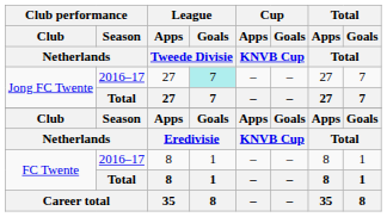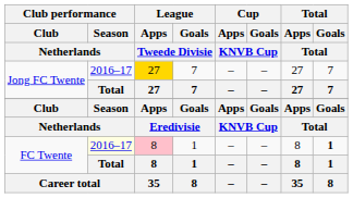 <table class="wikitable" style="text-align:center">
 <tr>
 <th colspan=2>Club performance</th>
 <th colspan=2>League</th>
 <th colspan=2>Cup</th>
 <th colspan=2>Total</th>
 </tr>
 <tr>
 <th>Club</th>
 <th>Season</th>
 <th>Apps</th>
 <th>Goals</th>
 <th>Apps</th>
 <th>Goals</th>
 <th>Apps</th>
 <th>Goals</th>
 </tr>
 <tr>
 <th colspan=2>Netherlands</th>
 <th colspan=2><a href='#'>Tweede Divisie</a></th>
 <th colspan=2><a href='#'>KNVB Cup</a></th>
 <th colspan=2>Total</th>
 </tr>
 <tr>
 <td rowspan="2"><a href='#'>Jong FC Twente</a></td>
 <td><a href='#'>2016–17</a></td>
-<td>27</td>
-<td style="background: paleturquoise;">7</td>
+<td style="background: gold;">27</td>
+<td>7</td>
 <td>–</td>
 <td>–</td>
 <td>27</td>
 <td>7</td>
 </tr>
 <tr>
 <th rowspan=1>Total</th>
 <th>27</th>
 <th>7</th>
 <th>–</th>
 <th>–</th>
 <th>27</th>
 <th>7</th>
 </tr>
 <tr>
 </tr>
 <tr>
 <th>Club</th>
 <th>Season</th>
 <th>Apps</th>
 <th>Goals</th>
 <th>Apps</th>
 <th>Goals</th>
 <th>Apps</th>
 <th>Goals</th>
 </tr>
 <tr>
 <th colspan=2>Netherlands</th>
 <th colspan=2><a href='#'>Eredivisie</a></th>
 <th colspan=2><a href='#'>KNVB Cup</a></th>
 <th colspan=2>Total</th>
 </tr>
 <tr>
 <td rowspan="2"><a href='#'>FC Twente</a></td>
-<td><a href='#'>2016–17</a></td>
-<td>8</td>
+<td style="background: lightyellow;"><a href='#'>2016–17</a></td>
+<td style="background: pink;">8</td>
 <td>1</td>
 <td>–</td>
 <td>–</td>
 <td>8</td>
-<td>1</td>
+<td><strong>1</strong></td>
 </tr>
 <tr>
 <th rowspan=1>Total</th>
 <th>8</th>
 <th>1</th>
 <th>–</th>
 <th>–</th>
 <th>8</th>
 <th>1</th>
 </tr>
 <tr>
 <th colspan=2>Career total</th>
 <th>35</th>
 <th>8</th>
 <th>–</th>
 <th>–</th>
 <th>35</th>
 <th>8</th>
 </tr>
 </table>
